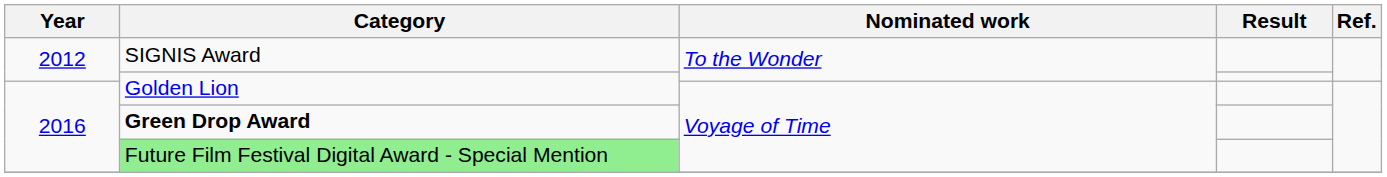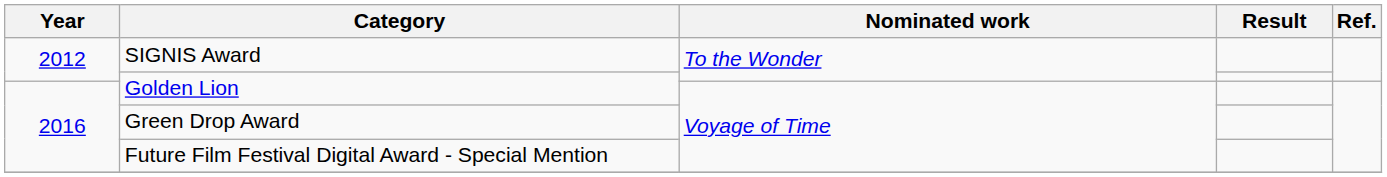 <table class=wikitable>
 <tr>
 <th scope="col" style="width:5em;">Year</th>
 <th scope="col" style="width:26em;">Category</th>
 <th scope="col" style="width:25em;">Nominated work</th>
 <th scope="col" style="width:5em;">Result</th>
 <th>Ref.</th>
 </tr>
 <tr>
 <td style="text-align:center;", rowspan="2"><a href='#'>2012</a></td>
 <td>SIGNIS Award</td>
 <td rowspan="2"><em><a href='#'>To the Wonder</a></em></td>
 <td></td>
 <td style="text-align: center;" rowspan="2"></td>
 </tr>
 <tr>
 <td rowspan="2"><a href='#'>Golden Lion</a></td>
 <td></td>
 </tr>
 <tr>
 <td style="text-align:center;", rowspan="3"><a href='#'>2016</a></td>
 <td rowspan="3"><em><a href='#'>Voyage of Time</a></em></td>
 <td></td>
 <td style="text-align: center;" rowspan="3"></td>
 </tr>
 <tr>
-<td><strong>Green Drop Award</strong></td>
+<td>Green Drop Award</td>
 <td></td>
 </tr>
 <tr>
-<td style="background: lightgreen;">Future Film Festival Digital Award - Special Mention</td>
+<td>Future Film Festival Digital Award - Special Mention</td>
 <td></td>
 </tr>
 <tr>
 </tr>
 </table>
